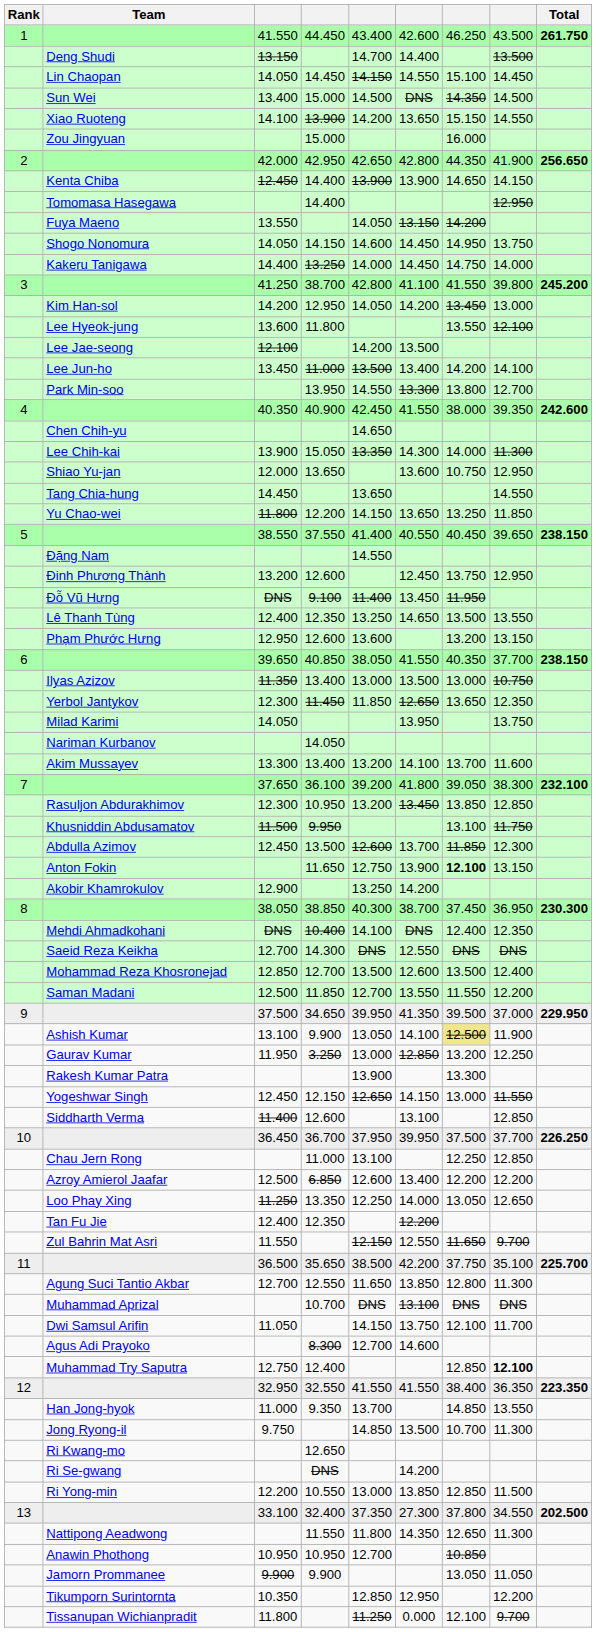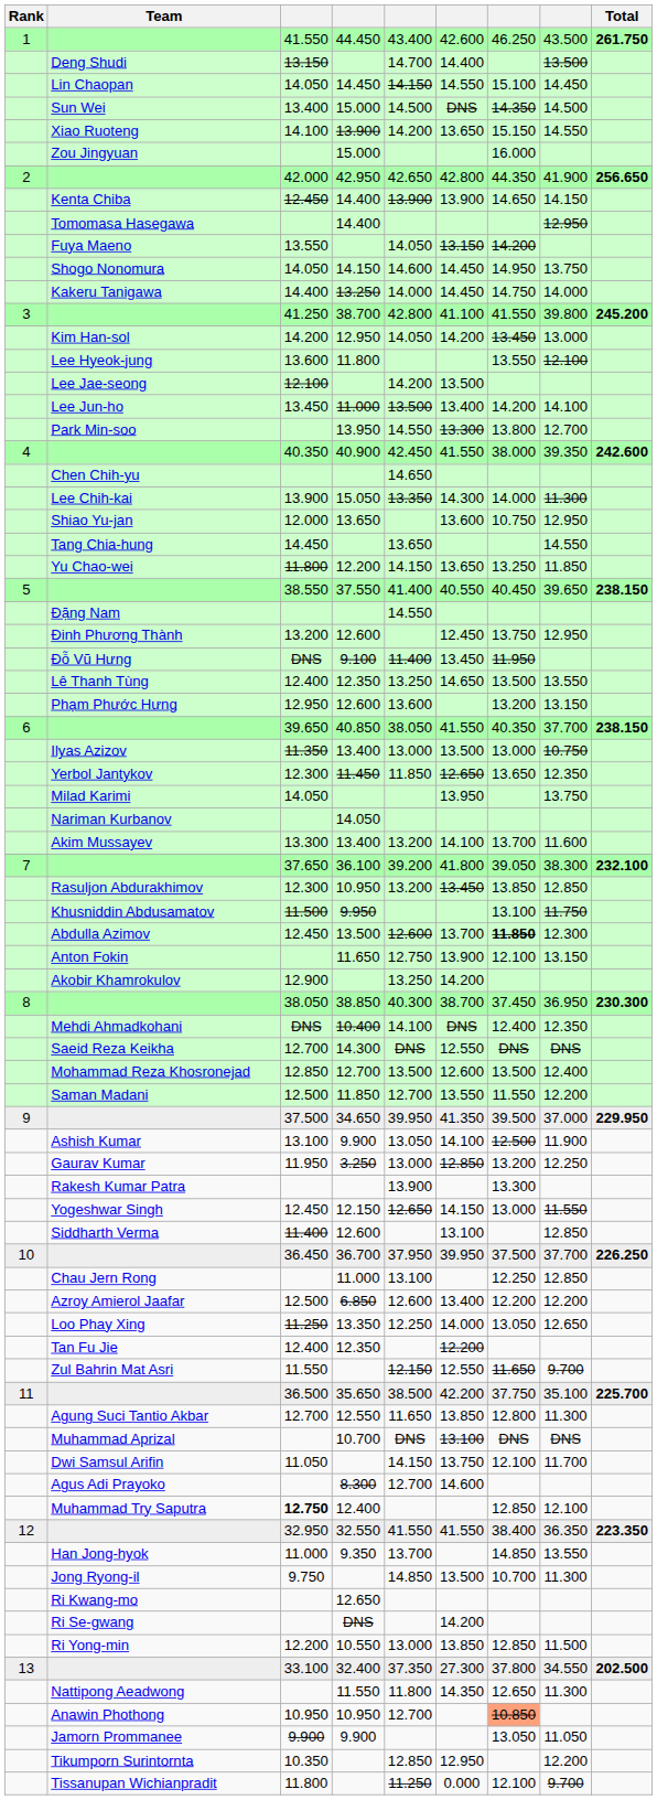 <table class=wikitable style="text-align:center">
 <tr>
 <th width=40>Rank</th>
 <th width=250>Team</th>
 <th width=50></th>
 <th width=50></th>
 <th width=50></th>
 <th width=50></th>
 <th width=50></th>
 <th width=50></th>
 <th width=60>Total</th>
 </tr>
 <tr bgcolor="aaffaa">
 <td>1</td>
 <td align=left></td>
 <td>41.550</td>
 <td>44.450</td>
 <td>43.400</td>
 <td>42.600</td>
 <td>46.250</td>
 <td>43.500</td>
 <td><strong>261.750</strong></td>
 </tr>
 <tr bgcolor="ccffcc">
 <td></td>
 <td align=left><a href='#'>Deng Shudi</a></td>
 <td><s>13.150</s></td>
 <td></td>
 <td>14.700</td>
 <td>14.400</td>
 <td></td>
 <td><s>13.500</s></td>
 <td></td>
 </tr>
 <tr bgcolor="ccffcc">
 <td></td>
 <td align=left><a href='#'>Lin Chaopan</a></td>
 <td>14.050</td>
 <td>14.450</td>
 <td><s>14.150</s></td>
 <td>14.550</td>
 <td>15.100</td>
 <td>14.450</td>
 <td></td>
 </tr>
 <tr bgcolor="ccffcc">
 <td></td>
 <td align=left><a href='#'>Sun Wei</a></td>
 <td>13.400</td>
 <td>15.000</td>
 <td>14.500</td>
 <td><s>DNS</s></td>
 <td><s>14.350</s></td>
 <td>14.500</td>
 <td></td>
 </tr>
 <tr bgcolor="ccffcc">
 <td></td>
 <td align=left><a href='#'>Xiao Ruoteng</a></td>
 <td>14.100</td>
 <td><s>13.900</s></td>
 <td>14.200</td>
 <td>13.650</td>
 <td>15.150</td>
 <td>14.550</td>
 <td></td>
 </tr>
 <tr bgcolor="ccffcc">
 <td></td>
 <td align=left><a href='#'>Zou Jingyuan</a></td>
 <td></td>
 <td>15.000</td>
 <td></td>
 <td></td>
 <td>16.000</td>
 <td></td>
 <td></td>
 </tr>
 <tr bgcolor="aaffaa">
 <td>2</td>
 <td align=left></td>
 <td>42.000</td>
 <td>42.950</td>
 <td>42.650</td>
 <td>42.800</td>
 <td>44.350</td>
 <td>41.900</td>
 <td><strong>256.650</strong></td>
 </tr>
 <tr bgcolor="ccffcc">
 <td></td>
 <td align=left><a href='#'>Kenta Chiba</a></td>
 <td><s>12.450</s></td>
 <td>14.400</td>
 <td><s>13.900</s></td>
 <td>13.900</td>
 <td>14.650</td>
 <td>14.150</td>
 <td></td>
 </tr>
 <tr bgcolor="ccffcc">
 <td></td>
 <td align=left><a href='#'>Tomomasa Hasegawa</a></td>
 <td></td>
 <td>14.400</td>
 <td></td>
 <td></td>
 <td></td>
 <td><s>12.950</s></td>
 <td></td>
 </tr>
 <tr bgcolor="ccffcc">
 <td></td>
 <td align=left><a href='#'>Fuya Maeno</a></td>
 <td>13.550</td>
 <td></td>
 <td>14.050</td>
 <td><s>13.150</s></td>
 <td><s>14.200</s></td>
 <td></td>
 <td></td>
 </tr>
 <tr bgcolor="ccffcc">
 <td></td>
 <td align=left><a href='#'>Shogo Nonomura</a></td>
 <td>14.050</td>
 <td>14.150</td>
 <td>14.600</td>
 <td>14.450</td>
 <td>14.950</td>
 <td>13.750</td>
 <td></td>
 </tr>
 <tr bgcolor="ccffcc">
 <td></td>
 <td align=left><a href='#'>Kakeru Tanigawa</a></td>
 <td>14.400</td>
 <td><s>13.250</s></td>
 <td>14.000</td>
 <td>14.450</td>
 <td>14.750</td>
 <td>14.000</td>
 <td></td>
 </tr>
 <tr bgcolor="aaffaa">
 <td>3</td>
 <td align=left></td>
 <td>41.250</td>
 <td>38.700</td>
 <td>42.800</td>
 <td>41.100</td>
 <td>41.550</td>
 <td>39.800</td>
 <td><strong>245.200</strong></td>
 </tr>
 <tr bgcolor="ccffcc">
 <td></td>
 <td align=left><a href='#'>Kim Han-sol</a></td>
 <td>14.200</td>
 <td>12.950</td>
 <td>14.050</td>
 <td>14.200</td>
 <td><s>13.450</s></td>
 <td>13.000</td>
 <td></td>
 </tr>
 <tr bgcolor="ccffcc">
 <td></td>
 <td align=left><a href='#'>Lee Hyeok-jung</a></td>
 <td>13.600</td>
 <td>11.800</td>
 <td></td>
 <td></td>
 <td>13.550</td>
 <td><s>12.100</s></td>
 <td></td>
 </tr>
 <tr bgcolor="ccffcc">
 <td></td>
 <td align=left><a href='#'>Lee Jae-seong</a></td>
 <td><s>12.100</s></td>
 <td></td>
 <td>14.200</td>
 <td>13.500</td>
 <td></td>
 <td></td>
 <td></td>
 </tr>
 <tr bgcolor="ccffcc">
 <td></td>
 <td align=left><a href='#'>Lee Jun-ho</a></td>
 <td>13.450</td>
 <td><s>11.000</s></td>
 <td><s>13.500</s></td>
 <td>13.400</td>
 <td>14.200</td>
 <td>14.100</td>
 <td></td>
 </tr>
 <tr bgcolor="ccffcc">
 <td></td>
 <td align=left><a href='#'>Park Min-soo</a></td>
 <td></td>
 <td>13.950</td>
 <td>14.550</td>
 <td><s>13.300</s></td>
 <td>13.800</td>
 <td>12.700</td>
 <td></td>
 </tr>
 <tr bgcolor="aaffaa">
 <td>4</td>
 <td align=left></td>
 <td>40.350</td>
 <td>40.900</td>
 <td>42.450</td>
 <td>41.550</td>
 <td>38.000</td>
 <td>39.350</td>
 <td><strong>242.600</strong></td>
 </tr>
 <tr bgcolor="ccffcc">
 <td></td>
 <td align=left><a href='#'>Chen Chih-yu</a></td>
 <td></td>
 <td></td>
 <td>14.650</td>
 <td></td>
 <td></td>
 <td></td>
 <td></td>
 </tr>
 <tr bgcolor="ccffcc">
 <td></td>
 <td align=left><a href='#'>Lee Chih-kai</a></td>
 <td>13.900</td>
 <td>15.050</td>
 <td><s>13.350</s></td>
 <td>14.300</td>
 <td>14.000</td>
 <td><s>11.300</s></td>
 <td></td>
 </tr>
 <tr bgcolor="ccffcc">
 <td></td>
 <td align=left><a href='#'>Shiao Yu-jan</a></td>
 <td>12.000</td>
 <td>13.650</td>
 <td></td>
 <td>13.600</td>
 <td>10.750</td>
 <td>12.950</td>
 <td></td>
 </tr>
 <tr bgcolor="ccffcc">
 <td></td>
 <td align=left><a href='#'>Tang Chia-hung</a></td>
 <td>14.450</td>
 <td></td>
 <td>13.650</td>
 <td></td>
 <td></td>
 <td>14.550</td>
 <td></td>
 </tr>
 <tr bgcolor="ccffcc">
 <td></td>
 <td align=left><a href='#'>Yu Chao-wei</a></td>
 <td><s>11.800</s></td>
 <td>12.200</td>
 <td>14.150</td>
 <td>13.650</td>
 <td>13.250</td>
 <td>11.850</td>
 <td></td>
 </tr>
 <tr bgcolor="aaffaa">
 <td>5</td>
 <td align=left></td>
 <td>38.550</td>
 <td>37.550</td>
 <td>41.400</td>
 <td>40.550</td>
 <td>40.450</td>
 <td>39.650</td>
 <td><strong>238.150</strong></td>
 </tr>
 <tr bgcolor="ccffcc">
 <td></td>
 <td align=left><a href='#'>Đặng Nam</a></td>
 <td></td>
 <td></td>
 <td>14.550</td>
 <td></td>
 <td></td>
 <td></td>
 <td></td>
 </tr>
 <tr bgcolor="ccffcc">
 <td></td>
 <td align=left><a href='#'>Đinh Phương Thành</a></td>
 <td>13.200</td>
 <td>12.600</td>
 <td></td>
 <td>12.450</td>
 <td>13.750</td>
 <td>12.950</td>
 <td></td>
 </tr>
 <tr bgcolor="ccffcc">
 <td></td>
 <td align=left><a href='#'>Đỗ Vũ Hưng</a></td>
 <td><s>DNS</s></td>
 <td><s>9.100</s></td>
 <td><s>11.400</s></td>
 <td>13.450</td>
 <td><s>11.950</s></td>
 <td></td>
 <td></td>
 </tr>
 <tr bgcolor="ccffcc">
 <td></td>
 <td align=left><a href='#'>Lê Thanh Tùng</a></td>
 <td>12.400</td>
 <td>12.350</td>
 <td>13.250</td>
 <td>14.650</td>
 <td>13.500</td>
 <td>13.550</td>
 <td></td>
 </tr>
 <tr bgcolor="ccffcc">
 <td></td>
 <td align=left><a href='#'>Phạm Phước Hưng</a></td>
 <td>12.950</td>
 <td>12.600</td>
 <td>13.600</td>
 <td></td>
 <td>13.200</td>
 <td>13.150</td>
 <td></td>
 </tr>
 <tr bgcolor="aaffaa">
 <td>6</td>
 <td align=left></td>
 <td>39.650</td>
 <td>40.850</td>
 <td>38.050</td>
 <td>41.550</td>
 <td>40.350</td>
 <td>37.700</td>
 <td><strong>238.150</strong></td>
 </tr>
 <tr bgcolor="ccffcc">
 <td></td>
 <td align=left><a href='#'>Ilyas Azizov</a></td>
 <td><s>11.350</s></td>
 <td>13.400</td>
 <td>13.000</td>
 <td>13.500</td>
 <td>13.000</td>
 <td><s>10.750</s></td>
 <td></td>
 </tr>
 <tr bgcolor="ccffcc">
 <td></td>
 <td align=left><a href='#'>Yerbol Jantykov</a></td>
 <td>12.300</td>
 <td><s>11.450</s></td>
 <td>11.850</td>
 <td><s>12.650</s></td>
 <td>13.650</td>
 <td>12.350</td>
 <td></td>
 </tr>
 <tr bgcolor="ccffcc">
 <td></td>
 <td align=left><a href='#'>Milad Karimi</a></td>
 <td>14.050</td>
 <td></td>
 <td></td>
 <td>13.950</td>
 <td></td>
 <td>13.750</td>
 <td></td>
 </tr>
 <tr bgcolor="ccffcc">
 <td></td>
 <td align=left><a href='#'>Nariman Kurbanov</a></td>
 <td></td>
 <td>14.050</td>
 <td></td>
 <td></td>
 <td></td>
 <td></td>
 <td></td>
 </tr>
 <tr bgcolor="ccffcc">
 <td></td>
 <td align=left><a href='#'>Akim Mussayev</a></td>
 <td>13.300</td>
 <td>13.400</td>
 <td>13.200</td>
 <td>14.100</td>
 <td>13.700</td>
 <td>11.600</td>
 <td></td>
 </tr>
 <tr bgcolor="aaffaa">
 <td>7</td>
 <td align=left></td>
 <td>37.650</td>
 <td>36.100</td>
 <td>39.200</td>
 <td>41.800</td>
 <td>39.050</td>
 <td>38.300</td>
 <td><strong>232.100</strong></td>
 </tr>
 <tr bgcolor="ccffcc">
 <td></td>
 <td align=left><a href='#'>Rasuljon Abdurakhimov</a></td>
 <td>12.300</td>
 <td>10.950</td>
 <td>13.200</td>
 <td><s>13.450</s></td>
 <td>13.850</td>
 <td>12.850</td>
 <td></td>
 </tr>
 <tr bgcolor="ccffcc">
 <td></td>
 <td align=left><a href='#'>Khusniddin Abdusamatov</a></td>
 <td><s>11.500</s></td>
 <td><s>9.950</s></td>
 <td></td>
 <td></td>
 <td>13.100</td>
 <td><s>11.750</s></td>
 <td></td>
 </tr>
 <tr bgcolor="ccffcc">
 <td></td>
 <td align=left><a href='#'>Abdulla Azimov</a></td>
 <td>12.450</td>
 <td>13.500</td>
 <td><s>12.600</s></td>
 <td>13.700</td>
-<td><s>11.850</s></td>
+<td><strong><s>11.850</s></strong></td>
 <td>12.300</td>
 <td></td>
 </tr>
 <tr bgcolor="ccffcc">
 <td></td>
 <td align=left><a href='#'>Anton Fokin</a></td>
 <td></td>
 <td>11.650</td>
 <td>12.750</td>
 <td>13.900</td>
-<td><strong>12.100</strong></td>
+<td>12.100</td>
 <td>13.150</td>
 <td></td>
 </tr>
 <tr bgcolor="ccffcc">
 <td></td>
 <td align=left><a href='#'>Akobir Khamrokulov</a></td>
 <td>12.900</td>
 <td></td>
 <td>13.250</td>
 <td>14.200</td>
 <td></td>
 <td></td>
 <td></td>
 </tr>
 <tr bgcolor="aaffaa">
 <td>8</td>
 <td align=left></td>
 <td>38.050</td>
 <td>38.850</td>
 <td>40.300</td>
 <td>38.700</td>
 <td>37.450</td>
 <td>36.950</td>
 <td><strong>230.300</strong></td>
 </tr>
 <tr bgcolor="ccffcc">
 <td></td>
 <td align=left><a href='#'>Mehdi Ahmadkohani</a></td>
 <td><s>DNS</s></td>
 <td><s>10.400</s></td>
 <td>14.100</td>
 <td><s>DNS</s></td>
 <td>12.400</td>
 <td>12.350</td>
 <td></td>
 </tr>
 <tr bgcolor="ccffcc">
 <td></td>
 <td align=left><a href='#'>Saeid Reza Keikha</a></td>
 <td>12.700</td>
 <td>14.300</td>
 <td><s>DNS</s></td>
 <td>12.550</td>
 <td><s>DNS</s></td>
 <td><s>DNS</s></td>
 <td></td>
 </tr>
 <tr bgcolor="ccffcc">
 <td></td>
 <td align=left><a href='#'>Mohammad Reza Khosronejad</a></td>
 <td>12.850</td>
 <td>12.700</td>
 <td>13.500</td>
 <td>12.600</td>
 <td>13.500</td>
 <td>12.400</td>
 <td></td>
 </tr>
 <tr bgcolor="ccffcc">
 <td></td>
 <td align=left><a href='#'>Saman Madani</a></td>
 <td>12.500</td>
 <td>11.850</td>
 <td>12.700</td>
 <td>13.550</td>
 <td>11.550</td>
 <td>12.200</td>
 <td></td>
 </tr>
 <tr bgcolor=eeeeee>
 <td>9</td>
 <td align=left></td>
 <td>37.500</td>
 <td>34.650</td>
 <td>39.950</td>
 <td>41.350</td>
 <td>39.500</td>
 <td>37.000</td>
 <td><strong>229.950</strong></td>
 </tr>
 <tr>
 <td></td>
 <td align=left><a href='#'>Ashish Kumar</a></td>
 <td>13.100</td>
 <td>9.900</td>
 <td>13.050</td>
 <td>14.100</td>
-<td style="background: khaki;"><s>12.500</s></td>
+<td><s>12.500</s></td>
 <td>11.900</td>
 <td></td>
 </tr>
 <tr>
 <td></td>
 <td align=left><a href='#'>Gaurav Kumar</a></td>
 <td>11.950</td>
 <td><s>3.250</s></td>
 <td>13.000</td>
 <td><s>12.850</s></td>
 <td>13.200</td>
 <td>12.250</td>
 <td></td>
 </tr>
 <tr>
 <td></td>
 <td align=left><a href='#'>Rakesh Kumar Patra</a></td>
 <td></td>
 <td></td>
 <td>13.900</td>
 <td></td>
 <td>13.300</td>
 <td></td>
 <td></td>
 </tr>
 <tr>
 <td></td>
 <td align=left><a href='#'>Yogeshwar Singh</a></td>
 <td>12.450</td>
 <td>12.150</td>
 <td><s>12.650</s></td>
 <td>14.150</td>
 <td>13.000</td>
 <td><s>11.550</s></td>
 <td></td>
 </tr>
 <tr>
 <td></td>
 <td align=left><a href='#'>Siddharth Verma</a></td>
 <td><s>11.400</s></td>
 <td>12.600</td>
 <td></td>
 <td>13.100</td>
 <td></td>
 <td>12.850</td>
 <td></td>
 </tr>
 <tr bgcolor=eeeeee>
 <td>10</td>
 <td align=left></td>
 <td>36.450</td>
 <td>36.700</td>
 <td>37.950</td>
 <td>39.950</td>
 <td>37.500</td>
 <td>37.700</td>
 <td><strong>226.250</strong></td>
 </tr>
 <tr>
 <td></td>
 <td align=left><a href='#'>Chau Jern Rong</a></td>
 <td></td>
 <td>11.000</td>
 <td>13.100</td>
 <td></td>
 <td>12.250</td>
 <td>12.850</td>
 <td></td>
 </tr>
 <tr>
 <td></td>
 <td align=left><a href='#'>Azroy Amierol Jaafar</a></td>
 <td>12.500</td>
 <td><s>6.850</s></td>
 <td>12.600</td>
 <td>13.400</td>
 <td>12.200</td>
 <td>12.200</td>
 <td></td>
 </tr>
 <tr>
 <td></td>
 <td align=left><a href='#'>Loo Phay Xing</a></td>
 <td><s>11.250</s></td>
 <td>13.350</td>
 <td>12.250</td>
 <td>14.000</td>
 <td>13.050</td>
 <td>12.650</td>
 <td></td>
 </tr>
 <tr>
 <td></td>
 <td align=left><a href='#'>Tan Fu Jie</a></td>
 <td>12.400</td>
 <td>12.350</td>
 <td></td>
 <td><s>12.200</s></td>
 <td></td>
 <td></td>
 <td></td>
 </tr>
 <tr>
 <td></td>
 <td align=left><a href='#'>Zul Bahrin Mat Asri</a></td>
 <td>11.550</td>
 <td></td>
 <td><s>12.150</s></td>
 <td>12.550</td>
 <td><s>11.650</s></td>
 <td><s>9.700</s></td>
 <td></td>
 </tr>
 <tr bgcolor=eeeeee>
 <td>11</td>
 <td align=left></td>
 <td>36.500</td>
 <td>35.650</td>
 <td>38.500</td>
 <td>42.200</td>
 <td>37.750</td>
 <td>35.100</td>
 <td><strong>225.700</strong></td>
 </tr>
 <tr>
 <td></td>
 <td align=left><a href='#'>Agung Suci Tantio Akbar</a></td>
 <td>12.700</td>
 <td>12.550</td>
 <td>11.650</td>
 <td>13.850</td>
 <td>12.800</td>
 <td>11.300</td>
 <td></td>
 </tr>
 <tr>
 <td></td>
 <td align=left><a href='#'>Muhammad Aprizal</a></td>
 <td></td>
 <td>10.700</td>
 <td><s>DNS</s></td>
 <td><s>13.100</s></td>
 <td><s>DNS</s></td>
 <td><s>DNS</s></td>
 <td></td>
 </tr>
 <tr>
 <td></td>
 <td align=left><a href='#'>Dwi Samsul Arifin</a></td>
 <td>11.050</td>
 <td></td>
 <td>14.150</td>
 <td>13.750</td>
 <td>12.100</td>
 <td>11.700</td>
 <td></td>
 </tr>
 <tr>
 <td></td>
 <td align=left><a href='#'>Agus Adi Prayoko</a></td>
 <td></td>
 <td><s>8.300</s></td>
 <td>12.700</td>
 <td>14.600</td>
 <td></td>
 <td></td>
 <td></td>
 </tr>
 <tr>
 <td></td>
 <td align=left><a href='#'>Muhammad Try Saputra</a></td>
-<td>12.750</td>
+<td><strong>12.750</strong></td>
 <td>12.400</td>
 <td></td>
 <td></td>
 <td>12.850</td>
-<td><strong>12.100</strong></td>
+<td>12.100</td>
 <td></td>
 </tr>
 <tr bgcolor=eeeeee>
 <td>12</td>
 <td align=left></td>
 <td>32.950</td>
 <td>32.550</td>
 <td>41.550</td>
 <td>41.550</td>
 <td>38.400</td>
 <td>36.350</td>
 <td><strong>223.350</strong></td>
 </tr>
 <tr>
 <td></td>
 <td align=left><a href='#'>Han Jong-hyok</a></td>
 <td>11.000</td>
 <td>9.350</td>
 <td>13.700</td>
 <td></td>
 <td>14.850</td>
 <td>13.550</td>
 <td></td>
 </tr>
 <tr>
 <td></td>
 <td align=left><a href='#'>Jong Ryong-il</a></td>
 <td>9.750</td>
 <td></td>
 <td>14.850</td>
 <td>13.500</td>
 <td>10.700</td>
 <td>11.300</td>
 <td></td>
 </tr>
 <tr>
 <td></td>
 <td align=left><a href='#'>Ri Kwang-mo</a></td>
 <td></td>
 <td>12.650</td>
 <td></td>
 <td></td>
 <td></td>
 <td></td>
 <td></td>
 </tr>
 <tr>
 <td></td>
 <td align=left><a href='#'>Ri Se-gwang</a></td>
 <td></td>
 <td><s>DNS</s></td>
 <td></td>
 <td>14.200</td>
 <td></td>
 <td></td>
 <td></td>
 </tr>
 <tr>
 <td></td>
 <td align=left><a href='#'>Ri Yong-min</a></td>
 <td>12.200</td>
 <td>10.550</td>
 <td>13.000</td>
 <td>13.850</td>
 <td>12.850</td>
 <td>11.500</td>
 <td></td>
 </tr>
 <tr bgcolor=eeeeee>
 <td>13</td>
 <td align=left></td>
 <td>33.100</td>
 <td>32.400</td>
 <td>37.350</td>
 <td>27.300</td>
 <td>37.800</td>
 <td>34.550</td>
 <td><strong>202.500</strong></td>
 </tr>
 <tr>
 <td></td>
 <td align=left><a href='#'>Nattipong Aeadwong</a></td>
 <td></td>
 <td>11.550</td>
 <td>11.800</td>
 <td>14.350</td>
 <td>12.650</td>
 <td>11.300</td>
 <td></td>
 </tr>
 <tr>
 <td></td>
 <td align=left><a href='#'>Anawin Phothong</a></td>
 <td>10.950</td>
 <td>10.950</td>
 <td>12.700</td>
 <td></td>
-<td><s>10.850</s></td>
+<td style="background: lightsalmon;"><s>10.850</s></td>
 <td></td>
 <td></td>
 </tr>
 <tr>
 <td></td>
 <td align=left><a href='#'>Jamorn Prommanee</a></td>
 <td><s>9.900</s></td>
 <td>9.900</td>
 <td></td>
 <td></td>
 <td>13.050</td>
 <td>11.050</td>
 <td></td>
 </tr>
 <tr>
 <td></td>
 <td align=left><a href='#'>Tikumporn Surintornta</a></td>
 <td>10.350</td>
 <td></td>
 <td>12.850</td>
 <td>12.950</td>
 <td></td>
 <td>12.200</td>
 <td></td>
 </tr>
 <tr>
 <td></td>
 <td align=left><a href='#'>Tissanupan Wichianpradit</a></td>
 <td>11.800</td>
 <td></td>
 <td><s>11.250</s></td>
 <td>0.000</td>
 <td>12.100</td>
 <td><s>9.700</s></td>
 <td></td>
 </tr>
 </table>
